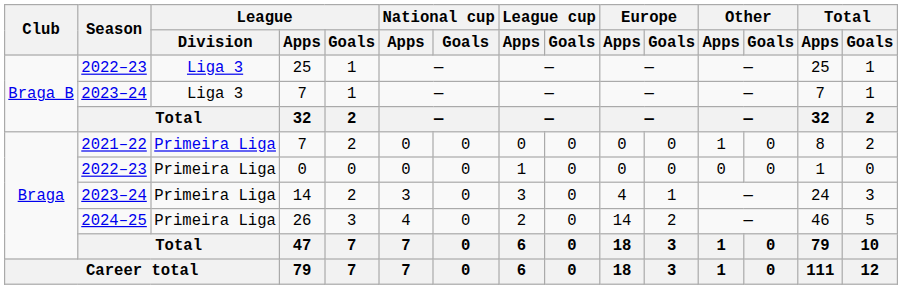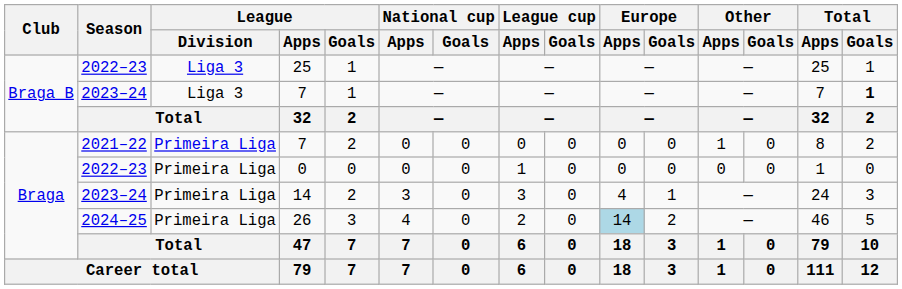 <table class="wikitable" style="text-align:center">
 <tr>
 <th rowspan="2">Club</th>
 <th rowspan="2">Season</th>
 <th colspan="3">League</th>
 <th colspan="2">National cup</th>
 <th colspan="2">League cup</th>
 <th colspan="2">Europe</th>
 <th colspan="2">Other</th>
 <th colspan="2">Total</th>
 </tr>
 <tr>
 <th>Division</th>
 <th>Apps</th>
 <th>Goals</th>
 <th>Apps</th>
 <th>Goals</th>
 <th>Apps</th>
 <th>Goals</th>
 <th>Apps</th>
 <th>Goals</th>
 <th>Apps</th>
 <th>Goals</th>
 <th>Apps</th>
 <th>Goals</th>
 </tr>
 <tr>
 <td rowspan="3"><a href='#'>Braga B</a></td>
 <td><a href='#'>2022–23</a></td>
 <td><a href='#'>Liga 3</a></td>
 <td>25</td>
 <td>1</td>
 <td colspan="2">—</td>
 <td colspan="2">—</td>
 <td colspan="2">—</td>
 <td colspan="2">—</td>
 <td>25</td>
 <td>1</td>
 </tr>
 <tr>
 <td><a href='#'>2023–24</a></td>
 <td>Liga 3</td>
 <td>7</td>
 <td>1</td>
 <td colspan="2">—</td>
 <td colspan="2">—</td>
 <td colspan="2">—</td>
 <td colspan="2">—</td>
 <td>7</td>
-<td>1</td>
+<td><strong>1</strong></td>
 </tr>
 <tr>
 <th colspan="2">Total</th>
 <th>32</th>
 <th>2</th>
 <th colspan="2">—</th>
 <th colspan="2">—</th>
 <th colspan="2">—</th>
 <th colspan="2">—</th>
 <th>32</th>
 <th>2</th>
 </tr>
 <tr>
 <td rowspan="5"><a href='#'>Braga</a></td>
 <td><a href='#'>2021–22</a></td>
 <td><a href='#'>Primeira Liga</a></td>
 <td>7</td>
 <td>2</td>
 <td>0</td>
 <td>0</td>
 <td>0</td>
 <td>0</td>
 <td>0</td>
 <td>0</td>
 <td>1</td>
 <td>0</td>
 <td>8</td>
 <td>2</td>
 </tr>
 <tr>
 <td><a href='#'>2022–23</a></td>
 <td>Primeira Liga</td>
 <td>0</td>
 <td>0</td>
 <td>0</td>
 <td>0</td>
 <td>1</td>
 <td>0</td>
 <td>0</td>
 <td>0</td>
 <td>0</td>
 <td>0</td>
 <td>1</td>
 <td>0</td>
 </tr>
 <tr>
 <td><a href='#'>2023–24</a></td>
 <td>Primeira Liga</td>
 <td>14</td>
 <td>2</td>
 <td>3</td>
 <td>0</td>
 <td>3</td>
 <td>0</td>
 <td>4</td>
 <td>1</td>
 <td colspan="2">—</td>
 <td>24</td>
 <td>3</td>
 </tr>
 <tr>
 <td><a href='#'>2024–25</a></td>
 <td>Primeira Liga</td>
 <td>26</td>
 <td>3</td>
 <td>4</td>
 <td>0</td>
 <td>2</td>
 <td>0</td>
-<td>14</td>
+<td style="background: lightblue;">14</td>
 <td>2</td>
 <td colspan="2">—</td>
 <td>46</td>
 <td>5</td>
 </tr>
 <tr>
 <th colspan="2">Total</th>
 <th>47</th>
 <th>7</th>
 <th>7</th>
 <th>0</th>
 <th>6</th>
 <th>0</th>
 <th>18</th>
 <th>3</th>
 <th>1</th>
 <th>0</th>
 <th>79</th>
 <th>10</th>
 </tr>
 <tr>
 <th colspan="3">Career total</th>
 <th>79</th>
 <th>7</th>
 <th>7</th>
 <th>0</th>
 <th>6</th>
 <th>0</th>
 <th>18</th>
 <th>3</th>
 <th>1</th>
 <th>0</th>
 <th>111</th>
 <th>12</th>
 </tr>
 </table>
